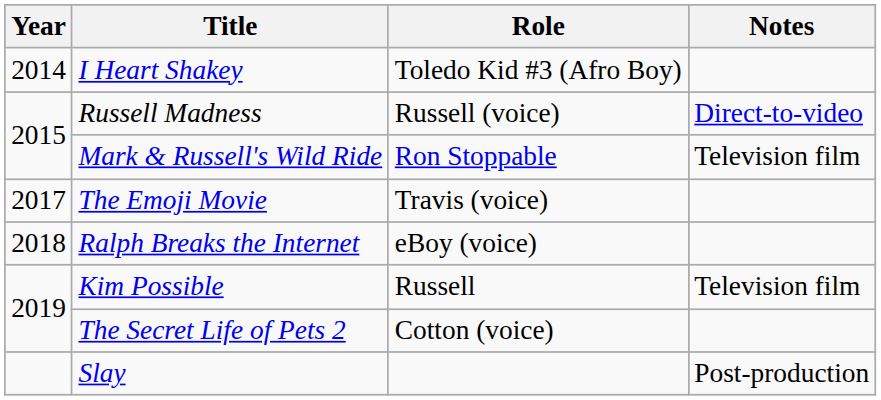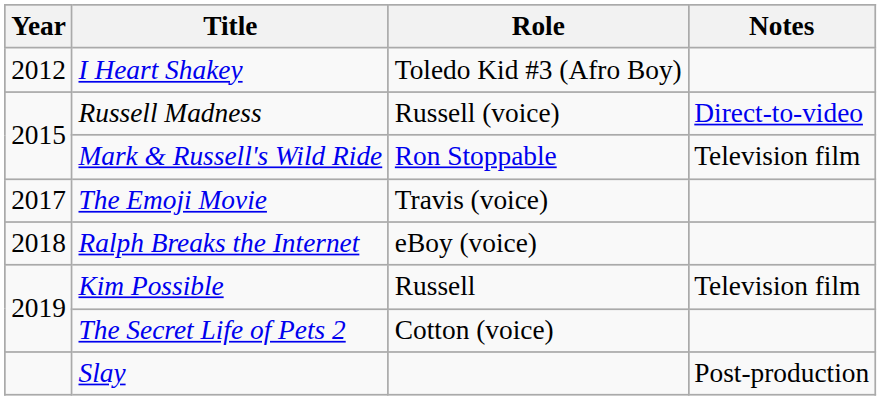 <table class="wikitable sortable">
 <tr>
 <th>Year</th>
 <th>Title</th>
 <th>Role</th>
 <th>Notes</th>
 </tr>
 <tr>
-<td>2014</td>
+<td>2012</td>
 <td><em><a href='#'>I Heart Shakey</a></em></td>
 <td>Toledo Kid #3 (Afro Boy)</td>
 <td></td>
 </tr>
 <tr>
 <td rowspan="2">2015</td>
 <td><em>Russell Madness</em></td>
 <td>Russell (voice)</td>
 <td><a href='#'>Direct-to-video</a></td>
 </tr>
 <tr>
 <td><em><a href='#'>Mark & Russell's Wild Ride</a></em></td>
 <td><a href='#'>Ron Stoppable</a></td>
 <td>Television film</td>
 </tr>
 <tr>
 <td>2017</td>
 <td><em><a href='#'>The Emoji Movie</a></em></td>
 <td>Travis (voice)</td>
 <td></td>
 </tr>
 <tr>
 <td>2018</td>
 <td><em><a href='#'>Ralph Breaks the Internet</a></em></td>
 <td>eBoy (voice)</td>
 <td></td>
 </tr>
 <tr>
 <td rowspan="2">2019</td>
 <td><em><a href='#'>Kim Possible</a></em></td>
 <td>Russell</td>
 <td>Television film</td>
 </tr>
 <tr>
 <td><em><a href='#'>The Secret Life of Pets 2</a></em></td>
 <td>Cotton (voice)</td>
 <td></td>
 </tr>
 <tr>
 <td></td>
 <td><em><a href='#'>Slay</a></em></td>
 <td></td>
 <td>Post-production</td>
 </tr>
 </table>
